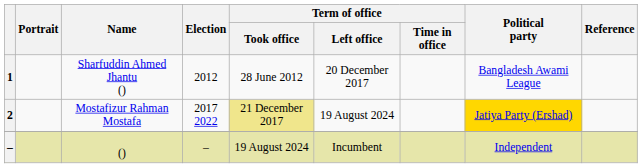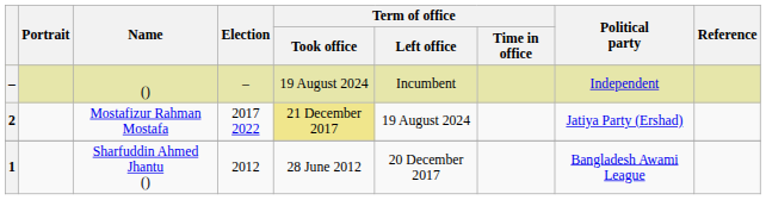 <table class="wikitable" style="text-align:center">
 <tr>
 <th rowspan="2"></th>
 <th rowspan="2">Portrait</th>
 <th rowspan="2">Name<br></th>
 <th rowspan="2">Election</th>
 <th colspan="3"><strong>Term of office</strong></th>
 <th rowspan="2"><strong>Political<br> party</strong></th>
 <th rowspan="2"><strong>Reference</strong></th>
 </tr>
 <tr>
 <th><strong>Took office</strong></th>
 <th><strong>Left office</strong></th>
 <th><strong>Time in office</strong></th>
 </tr>
+<tr style="background:#e6e6aa;">
+<th style="background:">–</th>
+<td align=center></td>
+<td><br>()</td>
+<td>–</td>
+<td align=center>19 August 2024</td>
+<td align=center>Incumbent</td>
+<td></td>
+<td><a href='#'>Independent</a></td>
+<td></td>
+</tr>
+<tr>
+<th style="background:">2</th>
+<td align=center></td>
+<td><a href='#'>Mostafizur Rahman Mostafa</a></td>
+<td>2017<br><a href='#'>2022</a></td>
+<td align=center style="background: khaki;">21 December 2017</td>
+<td align=center>19 August 2024</td>
+<td></td>
+<td><a href='#'>Jatiya Party (Ershad)</a></td>
+<td></td>
+</tr>
+<tr>
+</tr>
 <tr>
 <th style="background:">1</th>
 <td align=center></td>
 <td><a href='#'>Sharfuddin Ahmed Jhantu</a> <br>()</td>
 <td>2012</td>
 <td align=center>28 June 2012</td>
 <td align=center>20 December 2017</td>
 <td></td>
 <td><a href='#'>Bangladesh Awami League</a></td>
 <td></td>
 </tr>
-<tr>
-<th style="background:">2</th>
-<td align=center></td>
-<td><a href='#'>Mostafizur Rahman Mostafa</a></td>
-<td>2017<br><a href='#'>2022</a></td>
-<td align=center style="background: khaki;">21 December 2017</td>
-<td align=center>19 August 2024</td>
-<td></td>
-<td style="background: gold;"><a href='#'>Jatiya Party (Ershad)</a></td>
-<td></td>
-</tr>
-<tr>
-</tr>
-<tr style="background:#e6e6aa;">
-<th style="background:">–</th>
-<td align=center></td>
-<td><br>()</td>
-<td>–</td>
-<td align=center>19 August 2024</td>
-<td align=center>Incumbent</td>
-<td></td>
-<td><a href='#'>Independent</a></td>
-<td></td>
-</tr>
 </table>
